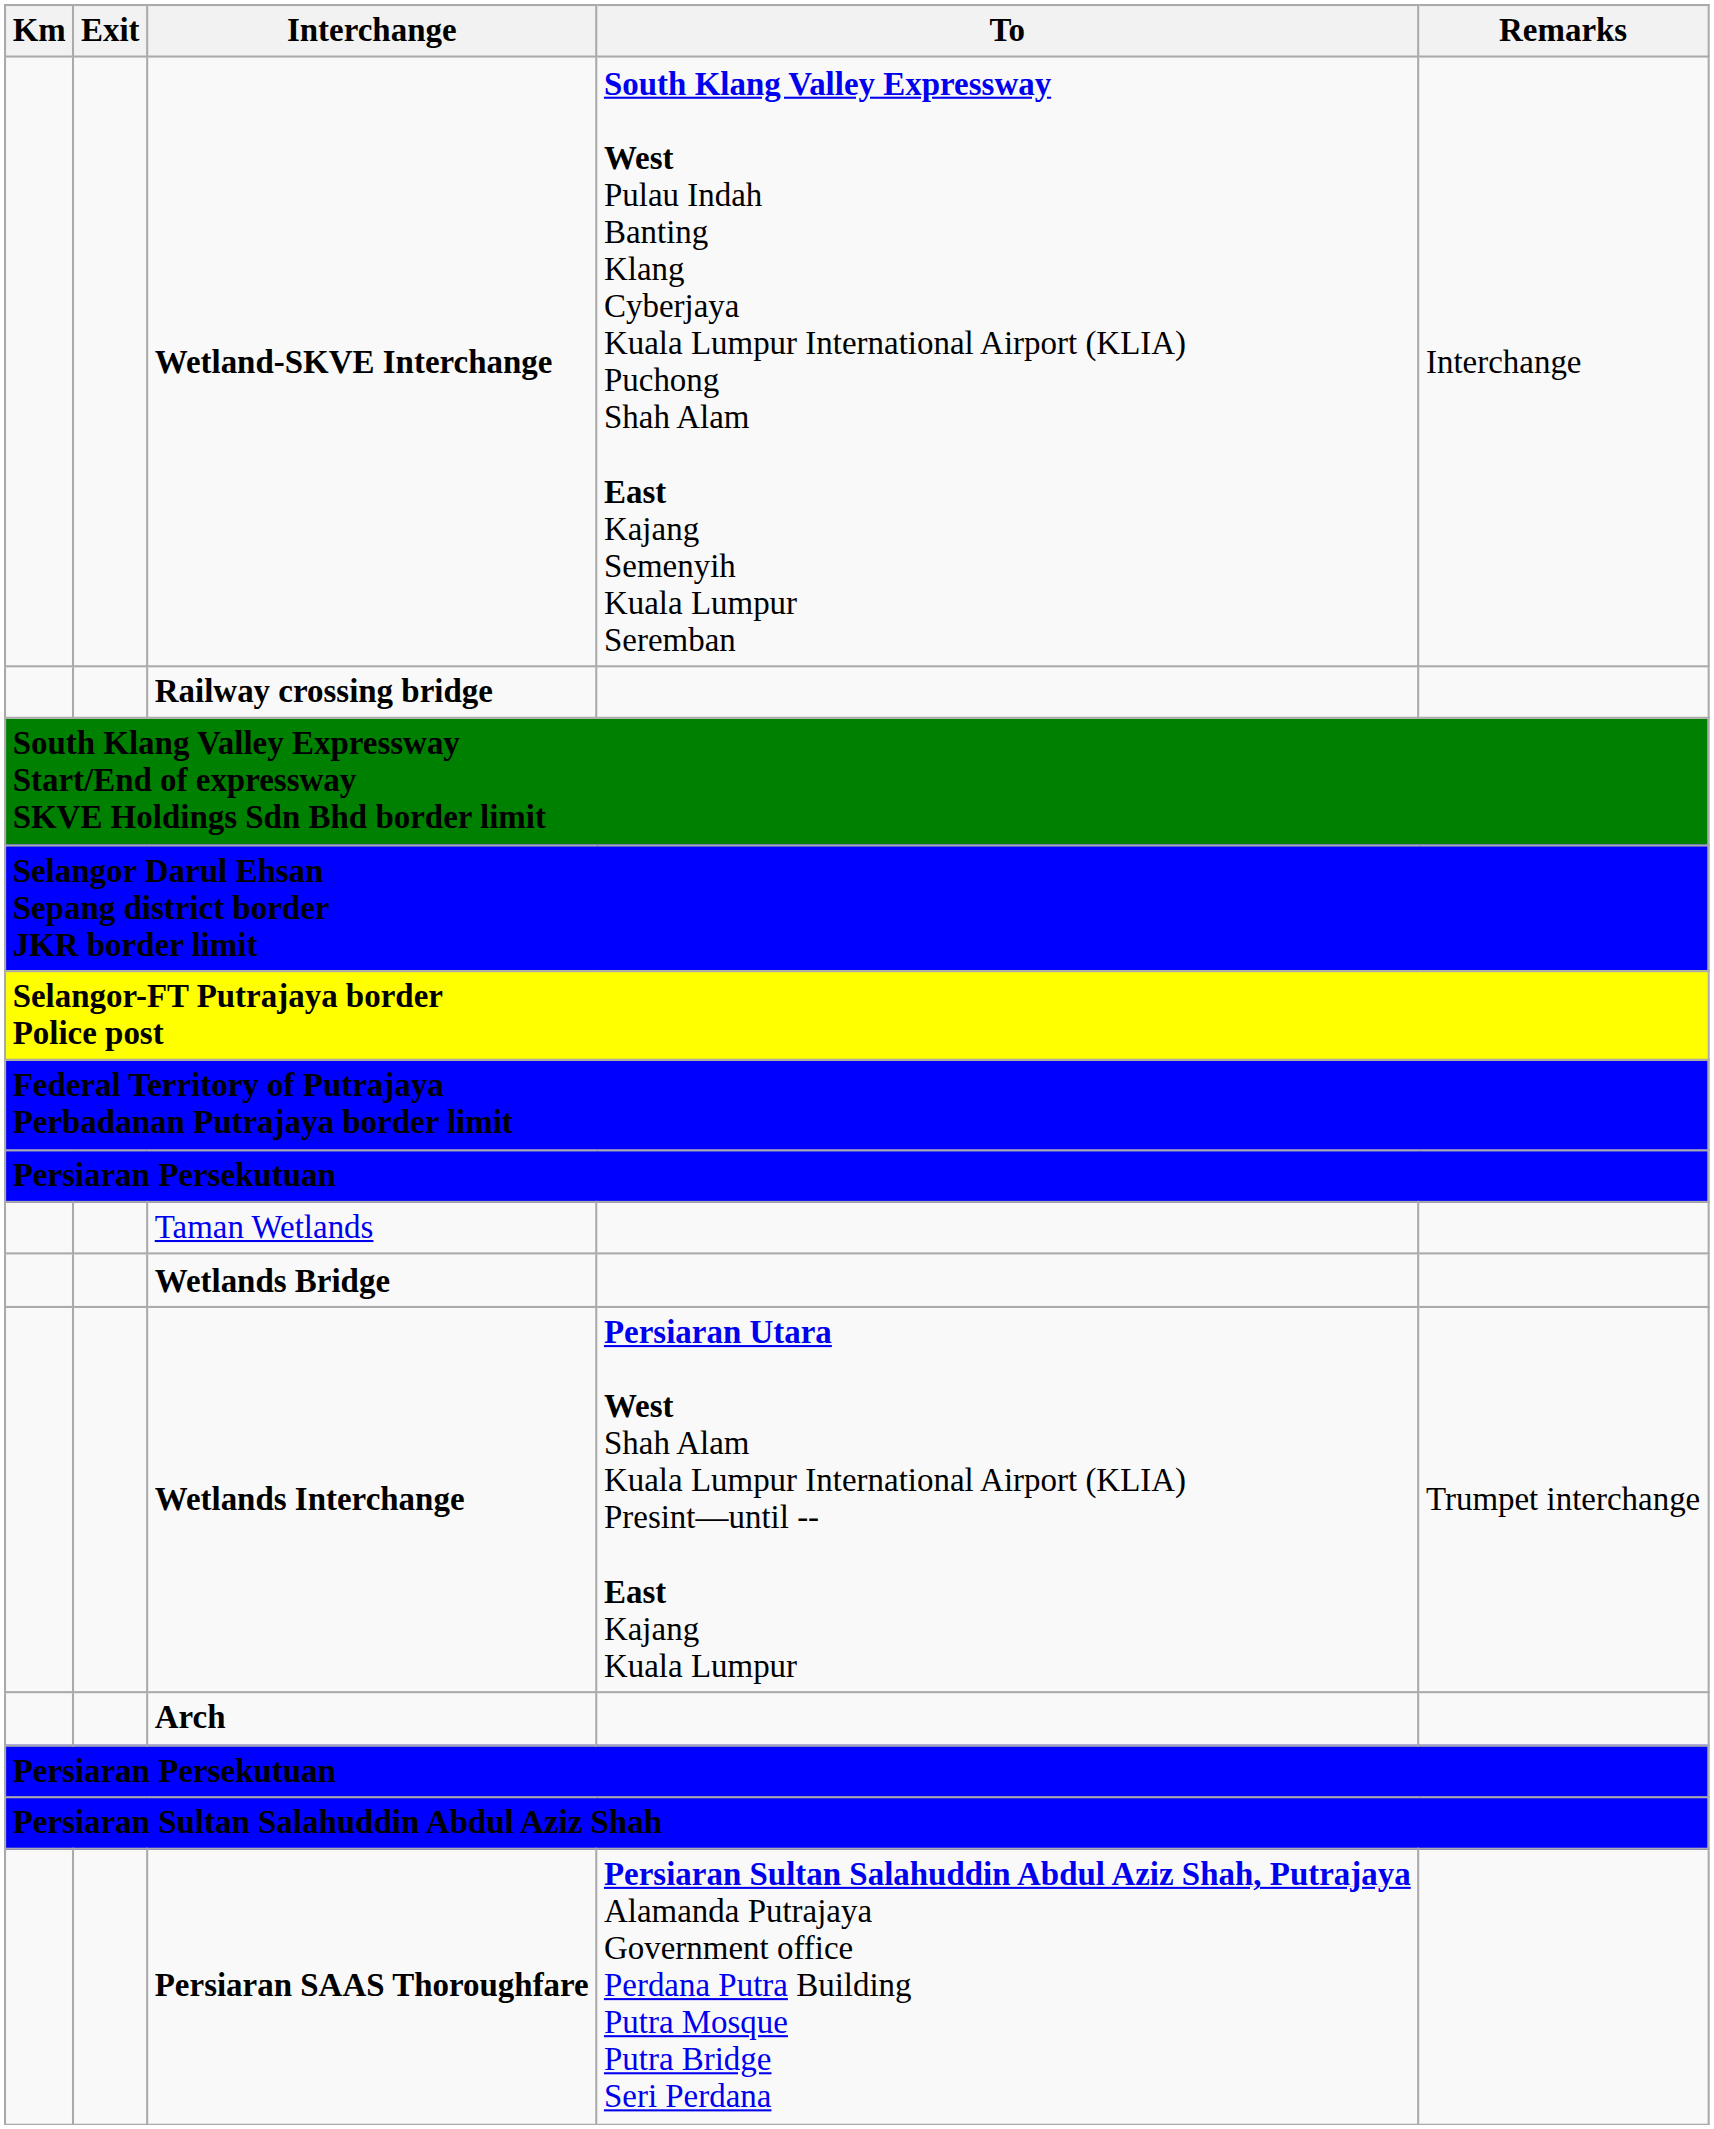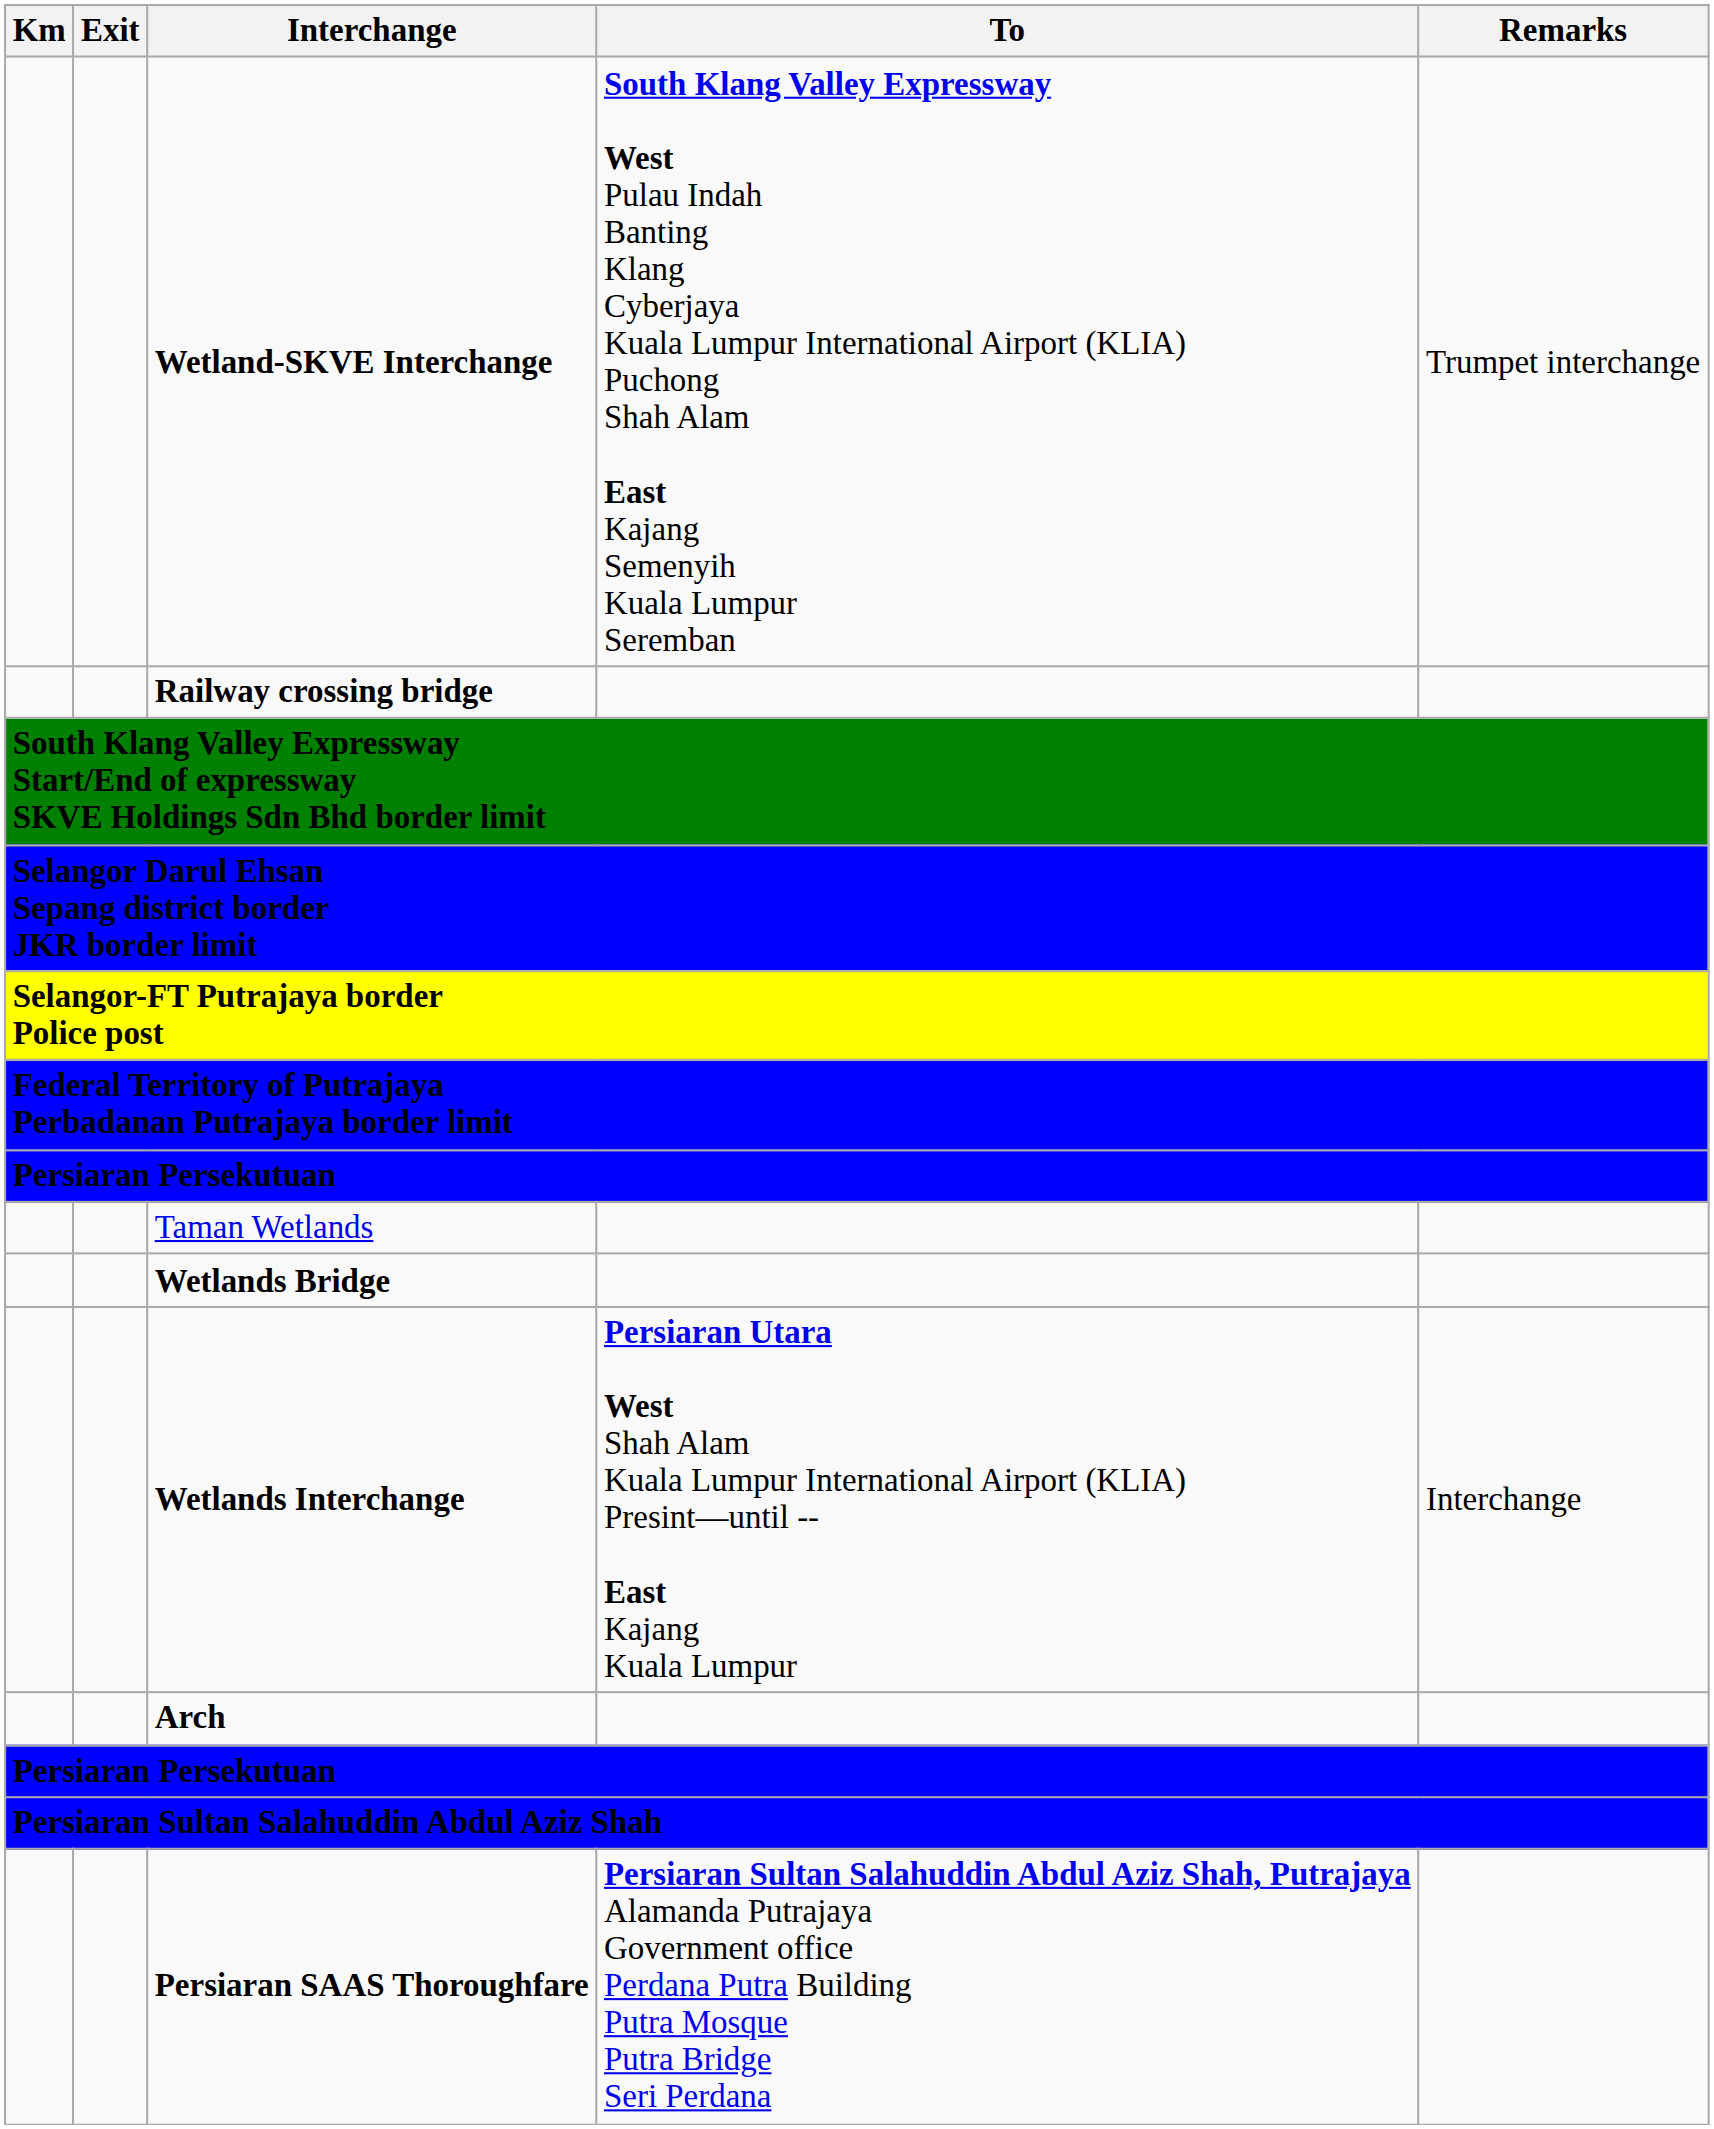 <table class="wikitable">
 <tr>
 <th>Km</th>
 <th>Exit</th>
 <th>Interchange</th>
 <th>To</th>
 <th>Remarks</th>
 </tr>
 <tr>
 <td></td>
 <td></td>
 <td><strong>Wetland-SKVE Interchange</strong></td>
 <td> <strong><a href='#'>South Klang Valley Expressway</a></strong><br><br><strong>West</strong><br>Pulau Indah <br>Banting<br>Klang<br>Cyberjaya<br>Kuala Lumpur International Airport (KLIA) <br>Puchong<br>Shah Alam<br><br><strong>East</strong><br>Kajang<br>Semenyih<br>Kuala Lumpur<br>Seremban</td>
-<td>Interchange</td>
+<td>Trumpet interchange</td>
 </tr>
 <tr>
 <td></td>
 <td></td>
 <td><strong>Railway crossing bridge</strong></td>
 <td></td>
 <td></td>
 </tr>
 <tr>
 <td style="width:600px" colspan="6" style="text-align:center" bgcolor="green"><strong><span> South Klang Valley Expressway<br>Start/End of expressway<br>SKVE Holdings Sdn Bhd border limit</span></strong></td>
 </tr>
 <tr>
 <td style="width:600px" colspan="6" style="text-align:center" bgcolor="blue"><strong><span>Selangor Darul Ehsan<br>Sepang district border<br>JKR border limit</span></strong></td>
 </tr>
 <tr>
 <td style="width:600px" colspan="6" style="text-align:center" bgcolor="yellow"><strong><span>Selangor-FT Putrajaya border<br>Police post</span></strong></td>
 </tr>
 <tr>
 <td style="width:600px" colspan="6" style="text-align:center" bgcolor="blue"><strong><span>Federal Territory of Putrajaya<br>Perbadanan Putrajaya border limit</span></strong></td>
 </tr>
 <tr>
 <td style="width:600px" colspan="6" style="text-align:center" bgcolor="blue"><strong><span>Persiaran Persekutuan</span></strong></td>
 </tr>
 <tr>
 <td></td>
 <td></td>
 <td><a href='#'>Taman Wetlands</a></td>
 <td></td>
 <td></td>
 </tr>
 <tr>
 <td></td>
 <td></td>
 <td><strong>Wetlands Bridge</strong></td>
 <td></td>
 <td></td>
 </tr>
 <tr>
 <td></td>
 <td></td>
 <td><strong>Wetlands Interchange</strong></td>
 <td><strong><a href='#'>Persiaran Utara</a></strong><br><br><strong>West</strong><br>Shah Alam<br>Kuala Lumpur International Airport (KLIA) <br>Presint—until --<br><br><strong>East</strong><br>Kajang<br>Kuala Lumpur</td>
-<td>Trumpet interchange</td>
+<td>Interchange</td>
 </tr>
 <tr>
 <td></td>
 <td></td>
 <td><strong>Arch</strong></td>
 <td></td>
 <td></td>
 </tr>
 <tr>
 <td style="width:600px" colspan="6" style="text-align:center" bgcolor="blue"><strong><span>Persiaran Persekutuan</span></strong></td>
 </tr>
 <tr>
 <td style="width:600px" colspan="6" style="text-align:center" bgcolor="blue"><strong><span>Persiaran Sultan Salahuddin Abdul Aziz Shah</span></strong></td>
 </tr>
 <tr>
 <td></td>
 <td></td>
 <td><strong>Persiaran SAAS Thoroughfare</strong></td>
 <td><strong><a href='#'>Persiaran Sultan Salahuddin Abdul Aziz Shah, Putrajaya</a></strong><br>Alamanda Putrajaya<br>Government office<br><a href='#'>Perdana Putra</a> Building<br><a href='#'>Putra Mosque</a><br><a href='#'>Putra Bridge</a><br><a href='#'>Seri Perdana</a></td>
 <td></td>
 </tr>
 </table>
